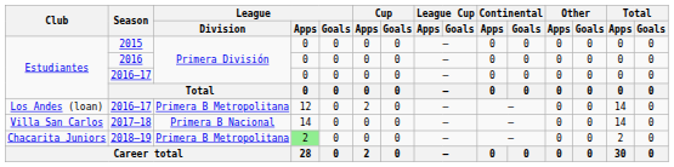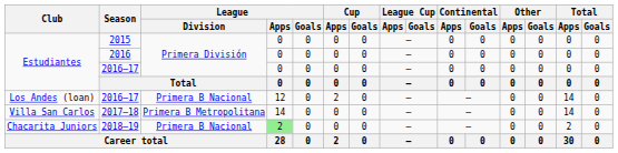 <table class="wikitable" style="text-align:center">
 <tr>
 <th rowspan="2">Club</th>
 <th rowspan="2">Season</th>
 <th colspan="3">League</th>
 <th colspan="2">Cup</th>
 <th colspan="2">League Cup</th>
 <th colspan="2">Continental</th>
 <th colspan="2">Other</th>
 <th colspan="2">Total</th>
 </tr>
 <tr>
 <th>Division</th>
 <th>Apps</th>
 <th>Goals</th>
 <th>Apps</th>
 <th>Goals</th>
 <th>Apps</th>
 <th>Goals</th>
 <th>Apps</th>
 <th>Goals</th>
 <th>Apps</th>
 <th>Goals</th>
 <th>Apps</th>
 <th>Goals</th>
 </tr>
 <tr>
 <td rowspan="4"><a href='#'>Estudiantes</a></td>
 <td><a href='#'>2015</a></td>
 <td rowspan="3"><a href='#'>Primera División</a></td>
 <td>0</td>
 <td>0</td>
 <td>0</td>
 <td>0</td>
 <td colspan="2">—</td>
 <td>0</td>
 <td>0</td>
 <td>0</td>
 <td>0</td>
 <td>0</td>
 <td>0</td>
 </tr>
 <tr>
 <td><a href='#'>2016</a></td>
 <td>0</td>
 <td>0</td>
 <td>0</td>
 <td>0</td>
 <td colspan="2">—</td>
 <td>0</td>
 <td>0</td>
 <td>0</td>
 <td>0</td>
 <td>0</td>
 <td>0</td>
 </tr>
 <tr>
 <td><a href='#'>2016–17</a></td>
 <td>0</td>
 <td>0</td>
 <td>0</td>
 <td>0</td>
 <td colspan="2">—</td>
 <td>0</td>
 <td>0</td>
 <td>0</td>
 <td>0</td>
 <td>0</td>
 <td>0</td>
 </tr>
 <tr>
 <th colspan="2">Total</th>
 <th>0</th>
 <th>0</th>
 <th>0</th>
 <th>0</th>
 <th colspan="2">—</th>
 <th>0</th>
 <th>0</th>
 <th>0</th>
 <th>0</th>
 <th>0</th>
 <th>0</th>
 </tr>
 <tr>
 <td rowspan="1"><a href='#'>Los Andes</a> (loan)</td>
 <td><a href='#'>2016–17</a></td>
-<td rowspan="1"><a href='#'>Primera B Metropolitana</a></td>
+<td rowspan="1"><a href='#'>Primera B Nacional</a></td>
 <td>12</td>
 <td>0</td>
 <td>2</td>
 <td>0</td>
 <td colspan="2">—</td>
 <td colspan="2">—</td>
 <td>0</td>
 <td>0</td>
 <td>14</td>
 <td>0</td>
 </tr>
 <tr>
 <td rowspan="1"><a href='#'>Villa San Carlos</a></td>
 <td><a href='#'>2017–18</a></td>
-<td rowspan="1"><a href='#'>Primera B Nacional</a></td>
+<td rowspan="1"><a href='#'>Primera B Metropolitana</a></td>
 <td>14</td>
 <td>0</td>
 <td>0</td>
 <td>0</td>
 <td colspan="2">—</td>
 <td colspan="2">—</td>
 <td>0</td>
 <td>0</td>
 <td>14</td>
 <td>0</td>
 </tr>
 <tr>
 <td rowspan="1"><a href='#'>Chacarita Juniors</a></td>
 <td><a href='#'>2018–19</a></td>
-<td rowspan="1"><a href='#'>Primera B Metropolitana</a></td>
+<td rowspan="1"><a href='#'>Primera B Nacional</a></td>
 <td style="background: lightgreen;">2</td>
 <td>0</td>
 <td>0</td>
 <td>0</td>
 <td colspan="2">—</td>
 <td colspan="2">—</td>
 <td>0</td>
 <td>0</td>
 <td>2</td>
 <td>0</td>
 </tr>
 <tr>
 <th colspan="3">Career total</th>
 <th>28</th>
 <th>0</th>
 <th>2</th>
 <th>0</th>
 <th colspan="2">—</th>
 <th>0</th>
 <th>0</th>
 <th>0</th>
 <th>0</th>
 <th>30</th>
 <th>0</th>
 </tr>
 </table>
